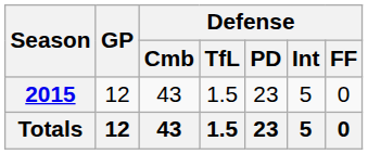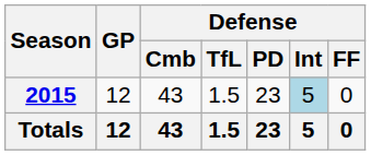 <table class="wikitable" style="text-align:center;">
 <tr>
 <th rowspan="2">Season</th>
 <th rowspan="2">GP</th>
 <th colspan="5">Defense</th>
 </tr>
 <tr>
 <th>Cmb</th>
 <th>TfL</th>
 <th>PD</th>
 <th>Int</th>
 <th>FF</th>
 </tr>
 <tr>
 <th><a href='#'>2015</a></th>
 <td>12</td>
 <td>43</td>
 <td>1.5</td>
 <td>23</td>
-<td>5</td>
+<td style="background: lightblue;">5</td>
 <td>0</td>
 </tr>
 <tr>
 <th>Totals</th>
 <th>12</th>
 <th>43</th>
 <th>1.5</th>
 <th>23</th>
 <th>5</th>
 <th>0</th>
 </tr>
 </table>
